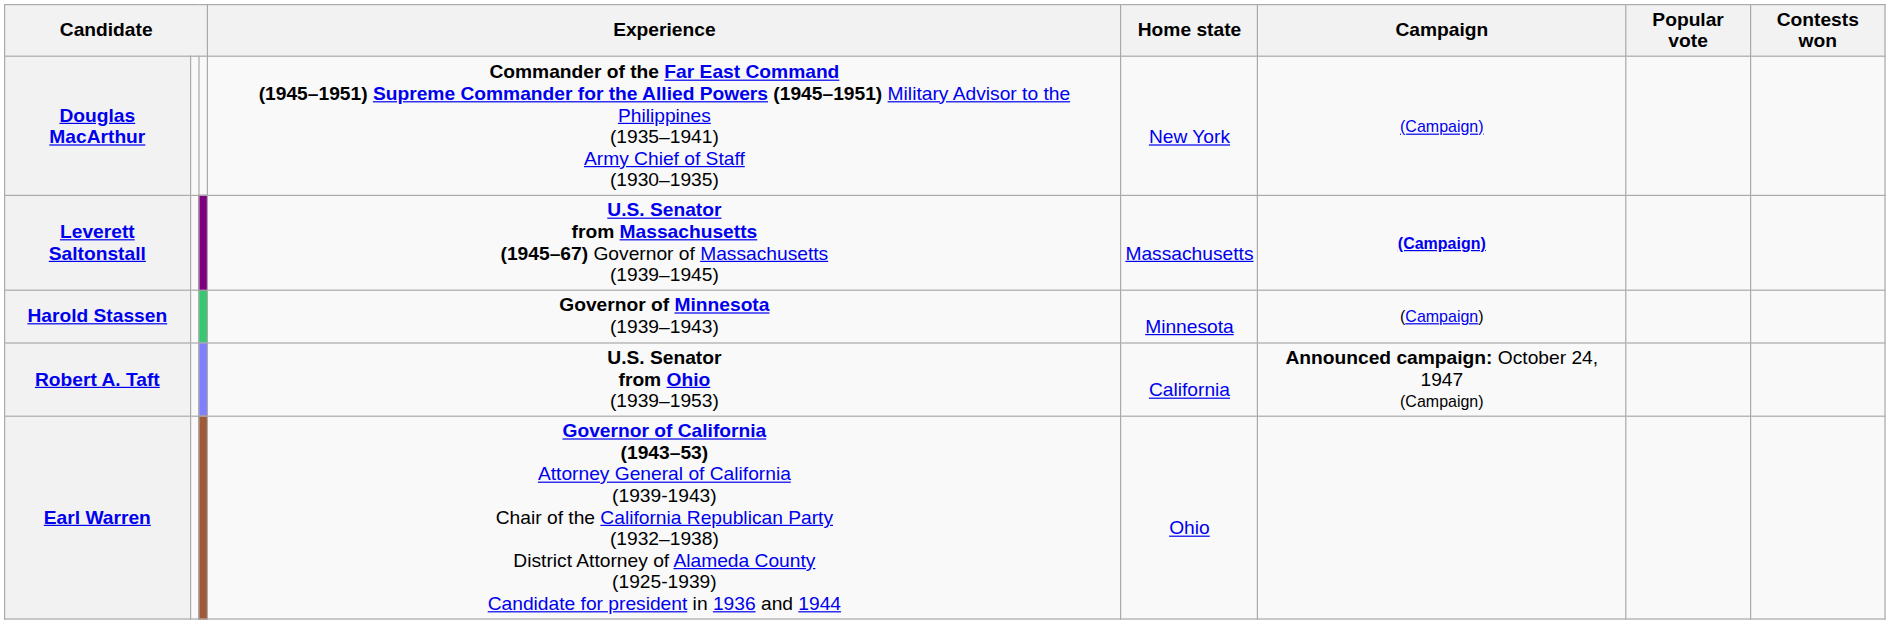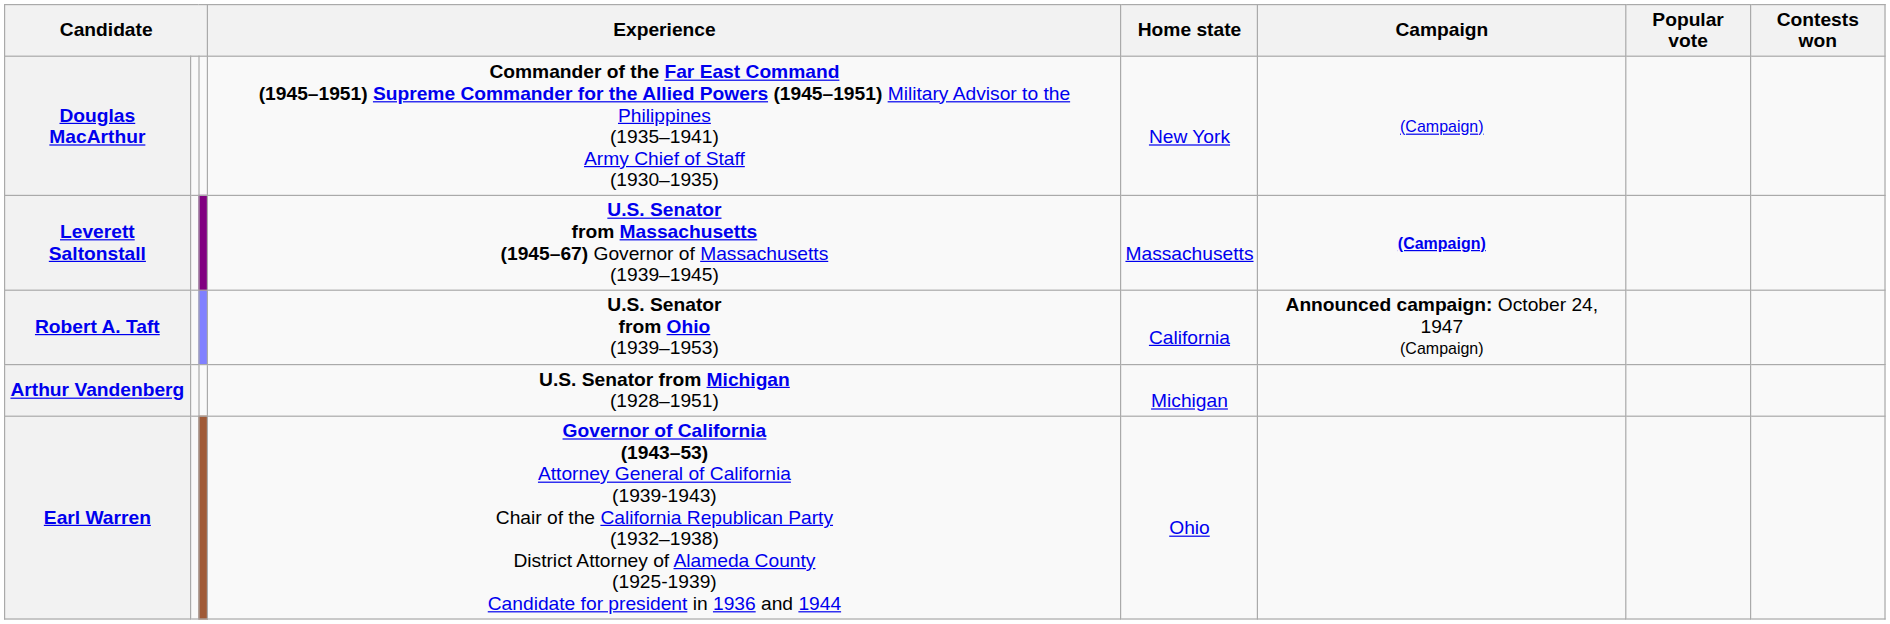 <table class="wikitable sortable" style="text-align:center;">
 <tr>
 <th colspan="3">Candidate</th>
 <th class="unsortable"><strong>Experience</strong></th>
 <th>Home state</th>
 <th data-sort-type="date">Campaign</th>
 <th>Popular vote</th>
 <th>Contests won</th>
 </tr>
 <tr>
 <th><a href='#'>Douglas MacArthur</a></th>
 <td></td>
 <td></td>
 <td><strong>Commander of the <a href='#'>Far East Command</a></strong><br><strong>(1945–1951)</strong> <strong><a href='#'>Supreme Commander for the Allied Powers</a></strong> <strong>(1945–1951)</strong> <a href='#'>Military Advisor to the Philippines</a><strong><br></strong>(1935–1941)<br><a href='#'>Army Chief of Staff</a><br>(1930–1935)</td>
 <td><br><a href='#'>New York</a></td>
 <td><small><a href='#'>(Campaign)</a></small></td>
 <td></td>
 <td></td>
 </tr>
 <tr>
 <th><a href='#'>Leverett Saltonstall</a></th>
 <td></td>
 <td style="background:#800080;"></td>
 <td><strong><a href='#'>U.S. Senator</a><br>from <a href='#'>Massachusetts</a></strong><br><strong>(1945–67)</strong> Governor of <a href='#'>Massachusetts</a><br>(1939–1945)</td>
 <td><br><a href='#'>Massachusetts</a></td>
 <td><strong><small><a href='#'>(Campaign)</a></small></strong></td>
 <td></td>
 <td></td>
 </tr>
 <tr>
-<th><a href='#'>Harold Stassen</a></th>
-<td></td>
-<td style="background:#37C871;"></td>
-<td><strong>Governor of <a href='#'>Minnesota</a></strong><br>(1939–1943)</td>
-<td><br><a href='#'>Minnesota</a></td>
-<td><small>(<a href='#'>Campaign</a>)</small></td>
-<td></td>
-<td></td>
-</tr>
-<tr>
 <th><a href='#'>Robert A. Taft</a></th>
 <td></td>
 <td style="background:#8080FF;"></td>
 <td><strong>U.S. Senator<br>from <a href='#'>Ohio</a></strong><br>(1939–1953)</td>
 <td><br><a href='#'>California</a></td>
 <td><strong>Announced campaign:</strong> October 24, 1947<br><small>(Campaign)</small></td>
+<td></td>
+<td></td>
+</tr>
+<tr>
+<th><a href='#'>Arthur Vandenberg</a></th>
+<td></td>
+<td></td>
+<td><strong>U.S. Senator from <a href='#'>Michigan</a></strong><br>(1928–1951)</td>
+<td><br><a href='#'>Michigan</a></td>
+<td></td>
 <td></td>
 <td></td>
 </tr>
 <tr>
 <th><a href='#'>Earl Warren</a></th>
 <td></td>
 <td style="background:#A05A37;"></td>
 <td><strong><a href='#'>Governor of California</a></strong><br><strong>(1943–53)</strong><br><a href='#'>Attorney General of California</a><br>(1939-1943)<br>Chair of the <a href='#'>California Republican Party</a><br>(1932–1938)<br>District Attorney of <a href='#'>Alameda County</a><br>(1925-1939)<br><a href='#'>Candidate for president</a> in <a href='#'>1936</a> and <a href='#'>1944</a></td>
 <td><br><a href='#'>Ohio</a></td>
 <td></td>
 <td></td>
 <td></td>
 </tr>
 </table>
